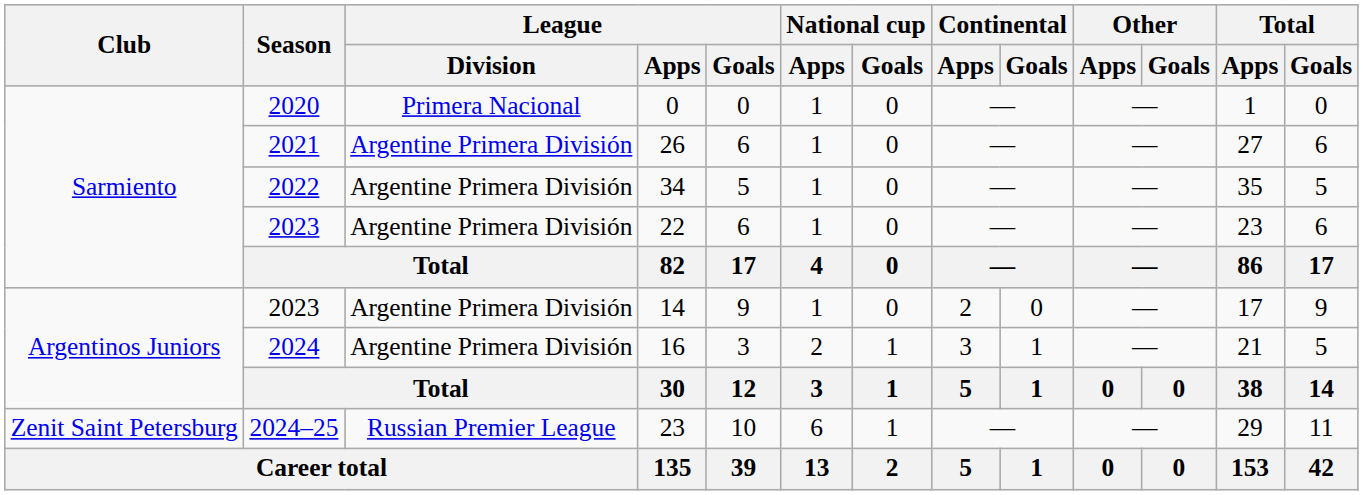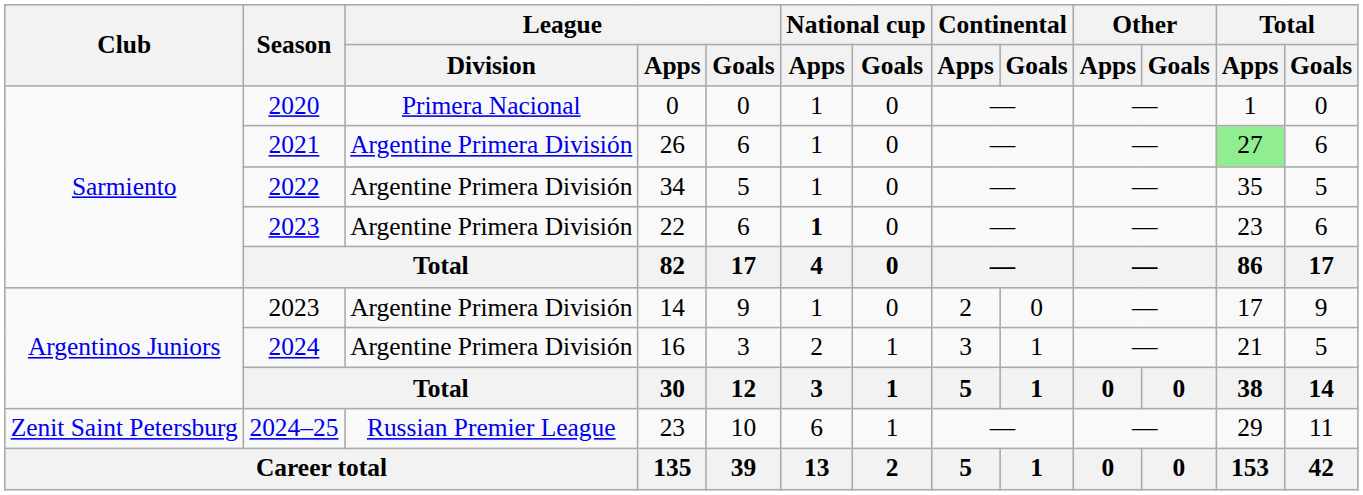 <table class="wikitable" style="text-align:center">
 <tr>
 <th rowspan="2">Club</th>
 <th rowspan="2">Season</th>
 <th colspan="3">League</th>
 <th colspan="2">National cup</th>
 <th colspan="2">Continental</th>
 <th colspan="2">Other</th>
 <th colspan="2">Total</th>
 </tr>
 <tr>
 <th>Division</th>
 <th>Apps</th>
 <th>Goals</th>
 <th>Apps</th>
 <th>Goals</th>
 <th>Apps</th>
 <th>Goals</th>
 <th>Apps</th>
 <th>Goals</th>
 <th>Apps</th>
 <th>Goals</th>
 </tr>
 <tr>
 <td rowspan="5"><a href='#'>Sarmiento</a></td>
 <td><a href='#'>2020</a></td>
 <td><a href='#'>Primera Nacional</a></td>
 <td>0</td>
 <td>0</td>
 <td>1</td>
 <td>0</td>
 <td colspan="2">—</td>
 <td colspan="2">—</td>
 <td>1</td>
 <td>0</td>
 </tr>
 <tr>
 <td><a href='#'>2021</a></td>
 <td><a href='#'>Argentine Primera División</a></td>
 <td>26</td>
 <td>6</td>
 <td>1</td>
 <td>0</td>
 <td colspan="2">—</td>
 <td colspan="2">—</td>
-<td>27</td>
+<td style="background: lightgreen;">27</td>
 <td>6</td>
 </tr>
 <tr>
 <td><a href='#'>2022</a></td>
 <td>Argentine Primera División</td>
 <td>34</td>
 <td>5</td>
 <td>1</td>
 <td>0</td>
 <td colspan="2">—</td>
 <td colspan="2">—</td>
 <td>35</td>
 <td>5</td>
 </tr>
 <tr>
 <td><a href='#'>2023</a></td>
 <td>Argentine Primera División</td>
 <td>22</td>
 <td>6</td>
-<td>1</td>
+<td><strong>1</strong></td>
 <td>0</td>
 <td colspan="2">—</td>
 <td colspan="2">—</td>
 <td>23</td>
 <td>6</td>
 </tr>
 <tr>
 <th colspan="2">Total</th>
 <th>82</th>
 <th>17</th>
 <th>4</th>
 <th>0</th>
 <th colspan="2">—</th>
 <th colspan="2">—</th>
 <th>86</th>
 <th>17</th>
 </tr>
 <tr>
 <td rowspan="3"><a href='#'>Argentinos Juniors</a></td>
 <td>2023</td>
 <td>Argentine Primera División</td>
 <td>14</td>
 <td>9</td>
 <td>1</td>
 <td>0</td>
 <td>2</td>
 <td>0</td>
 <td colspan="2">—</td>
 <td>17</td>
 <td>9</td>
 </tr>
 <tr>
 <td><a href='#'>2024</a></td>
 <td>Argentine Primera División</td>
 <td>16</td>
 <td>3</td>
 <td>2</td>
 <td>1</td>
 <td>3</td>
 <td>1</td>
 <td colspan="2">—</td>
 <td>21</td>
 <td>5</td>
 </tr>
 <tr>
 <th colspan="2">Total</th>
 <th>30</th>
 <th>12</th>
 <th>3</th>
 <th>1</th>
 <th>5</th>
 <th>1</th>
 <th>0</th>
 <th>0</th>
 <th>38</th>
 <th>14</th>
 </tr>
 <tr>
 <td><a href='#'>Zenit Saint Petersburg</a></td>
 <td><a href='#'>2024–25</a></td>
 <td><a href='#'>Russian Premier League</a></td>
 <td>23</td>
 <td>10</td>
 <td>6</td>
 <td>1</td>
 <td colspan="2">—</td>
 <td colspan="2">—</td>
 <td>29</td>
 <td>11</td>
 </tr>
 <tr>
 <th colspan="3">Career total</th>
 <th>135</th>
 <th>39</th>
 <th>13</th>
 <th>2</th>
 <th>5</th>
 <th>1</th>
 <th>0</th>
 <th>0</th>
 <th>153</th>
 <th>42</th>
 </tr>
 </table>
